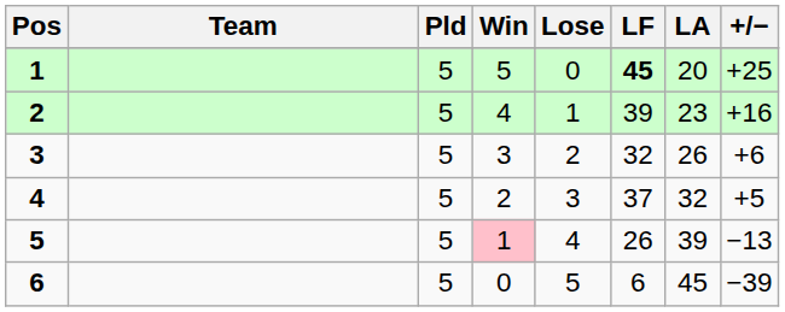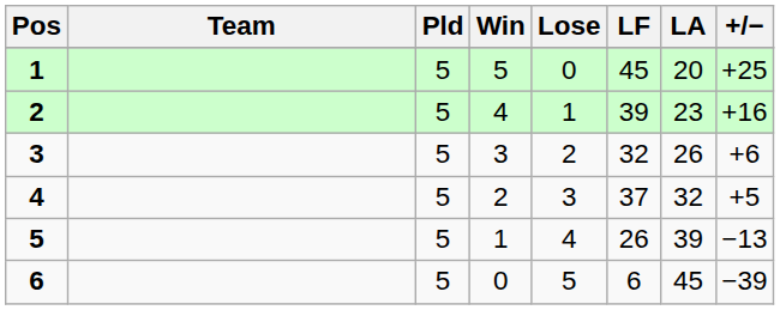 <table class="wikitable" style="font-size: 100%">
 <tr>
 <th width=20>Pos</th>
 <th width=200>Team</th>
 <th width=25>Pld</th>
 <th width=25>Win</th>
 <th width=25>Lose</th>
 <th width=25>LF</th>
 <th width=25>LA</th>
 <th width=25>+/−</th>
 </tr>
 <tr align=center style="background: #ccffcc;">
 </tr>
 <tr align=center style="background: #ccffcc;">
 <td><strong>1</strong></td>
 <td align="left"></td>
 <td>5</td>
 <td>5</td>
 <td>0</td>
-<td><strong>45</strong></td>
+<td>45</td>
 <td>20</td>
 <td>+25</td>
 </tr>
 <tr align=center style="background: #ccffcc;">
 <td><strong>2</strong></td>
 <td align="left"></td>
 <td>5</td>
 <td>4</td>
 <td>1</td>
 <td>39</td>
 <td>23</td>
 <td>+16</td>
 </tr>
 <tr align=center>
 <td><strong>3</strong></td>
 <td align="left"></td>
 <td>5</td>
 <td>3</td>
 <td>2</td>
 <td>32</td>
 <td>26</td>
 <td>+6</td>
 </tr>
 <tr align=center>
 <td><strong>4</strong></td>
 <td align="left"></td>
 <td>5</td>
 <td>2</td>
 <td>3</td>
 <td>37</td>
 <td>32</td>
 <td>+5</td>
 </tr>
 <tr align=center>
 <td><strong>5</strong></td>
 <td align="left"></td>
 <td>5</td>
-<td style="background: pink;">1</td>
+<td>1</td>
 <td>4</td>
 <td>26</td>
 <td>39</td>
 <td>−13</td>
 </tr>
 <tr align=center>
 <td><strong>6</strong></td>
 <td align="left"></td>
 <td>5</td>
 <td>0</td>
 <td>5</td>
 <td>6</td>
 <td>45</td>
 <td>−39</td>
 </tr>
 </table>
